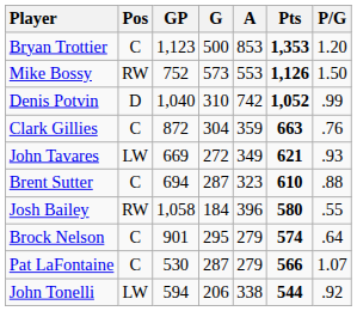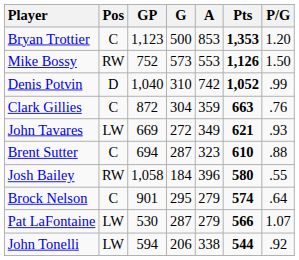 <table class="wikitable" style="text-align:center;">
 <tr>
 <th style="text-align:left;">Player</th>
 <th>Pos</th>
 <th>GP</th>
 <th>G</th>
 <th>A</th>
 <th>Pts</th>
 <th>P/G</th>
 </tr>
 <tr>
 <td style="text-align:left;"><a href='#'>Bryan Trottier</a></td>
 <td>C</td>
 <td>1,123</td>
 <td>500</td>
 <td>853</td>
 <td><strong>1,353</strong></td>
 <td>1.20</td>
 </tr>
 <tr>
 <td style="text-align:left;"><a href='#'>Mike Bossy</a></td>
 <td>RW</td>
 <td>752</td>
 <td>573</td>
 <td>553</td>
 <td><strong>1,126</strong></td>
 <td>1.50</td>
 </tr>
 <tr>
 <td style="text-align:left;"><a href='#'>Denis Potvin</a></td>
 <td>D</td>
 <td>1,040</td>
 <td>310</td>
 <td>742</td>
 <td><strong>1,052</strong></td>
 <td>.99</td>
 </tr>
 <tr>
 <td style="text-align:left;"><a href='#'>Clark Gillies</a></td>
 <td>C</td>
 <td>872</td>
 <td>304</td>
 <td>359</td>
 <td><strong>663</strong></td>
 <td>.76</td>
 </tr>
 <tr>
 <td style="text-align:left;"><a href='#'>John Tavares</a></td>
 <td>LW</td>
 <td>669</td>
 <td>272</td>
 <td>349</td>
 <td><strong>621</strong></td>
 <td>.93</td>
 </tr>
 <tr>
 <td style="text-align:left;"><a href='#'>Brent Sutter</a></td>
 <td>C</td>
 <td>694</td>
 <td>287</td>
 <td>323</td>
 <td><strong>610</strong></td>
 <td>.88</td>
 </tr>
 <tr style=";">
 <td style="text-align:left;"><a href='#'>Josh Bailey</a></td>
 <td>RW</td>
 <td>1,058</td>
 <td>184</td>
 <td>396</td>
 <td><strong>580</strong></td>
 <td>.55</td>
 </tr>
 <tr>
 <td style="text-align:left;"><a href='#'>Brock Nelson</a></td>
 <td>C</td>
 <td>901</td>
 <td>295</td>
 <td>279</td>
 <td><strong>574</strong></td>
 <td>.64</td>
 </tr>
 <tr>
 <td style="text-align:left;"><a href='#'>Pat LaFontaine</a></td>
-<td>C</td>
+<td>LW</td>
 <td>530</td>
 <td>287</td>
 <td>279</td>
 <td><strong>566</strong></td>
 <td>1.07</td>
 </tr>
 <tr>
 <td style="text-align:left;"><a href='#'>John Tonelli</a></td>
 <td>LW</td>
 <td>594</td>
 <td>206</td>
 <td>338</td>
 <td><strong>544</strong></td>
 <td>.92</td>
 </tr>
 </table>
